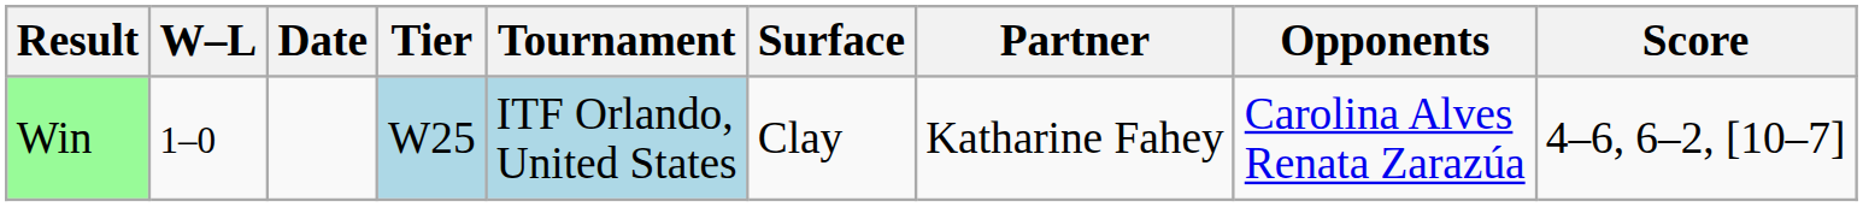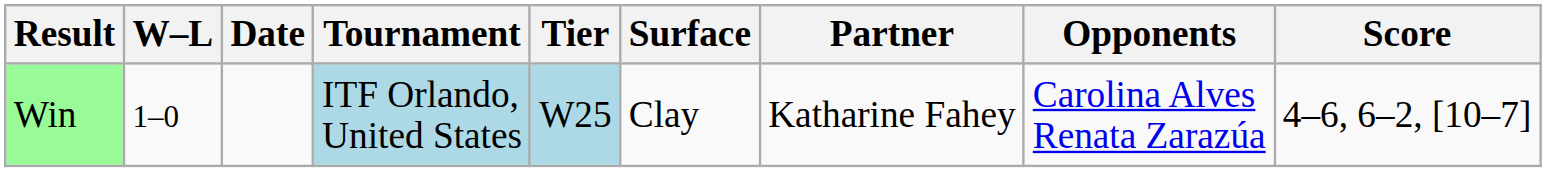 <table class="sortable wikitable nowrap">
 <tr>
 <th>Result</th>
 <th class="unsortable">W–L</th>
 <th>Date</th>
+<th>Tournament</th>
 <th>Tier</th>
-<th>Tournament</th>
 <th>Surface</th>
 <th>Partner</th>
 <th>Opponents</th>
 <th class="unsortable">Score</th>
 </tr>
 <tr>
 <td bgcolor="98FB98">Win</td>
 <td><small>1–0</small></td>
 <td></td>
+<td style="background:lightblue">ITF Orlando, <br> United States</td>
 <td style="background:lightblue">W25</td>
-<td style="background:lightblue">ITF Orlando, <br> United States</td>
 <td>Clay</td>
 <td> Katharine Fahey</td>
 <td> <a href='#'>Carolina Alves</a> <br>  <a href='#'>Renata Zarazúa</a></td>
 <td>4–6, 6–2, [10–7]</td>
 </tr>
 </table>
